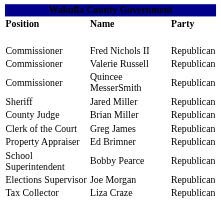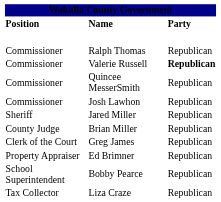 <table class="toccolours"  style="fixed:right; margin-left:1em; width:350px;">
 <tr>
 <th colspan="3" style="text-align: center; background:darkblue"><span><strong>Wakulla County Government</strong></span></th>
 </tr>
 <tr>
 <td><strong>Position</strong></td>
 <td><strong>Name</strong></td>
 <td><strong>Party</strong></td>
 </tr>
 <tr>
 <td colspan="3"><br></td>
 </tr>
 <tr>
 <td>Commissioner</td>
-<td>Fred Nichols II</td>
+<td>Ralph Thomas</td>
 <td><span>Republican</span></td>
 </tr>
 <tr>
 <td>Commissioner</td>
 <td>Valerie Russell</td>
+<td><strong><span>Republican</span></strong></td>
+</tr>
+<tr>
+<td>Commissioner</td>
+<td>Quincee MesserSmith</td>
 <td><span>Republican</span></td>
 </tr>
 <tr>
 <td>Commissioner</td>
-<td>Quincee MesserSmith</td>
+<td>Josh Lawhon</td>
 <td><span>Republican</span></td>
 </tr>
 <tr>
 <td>Sheriff</td>
 <td>Jared Miller</td>
 <td><span>Republican</span></td>
 </tr>
 <tr>
 <td>County Judge</td>
 <td>Brian Miller</td>
 <td><span>Republican</span></td>
 </tr>
 <tr>
 <td>Clerk of the Court</td>
 <td>Greg James</td>
 <td><span>Republican</span></td>
 </tr>
 <tr>
 <td>Property Appraiser</td>
 <td>Ed Brimner</td>
 <td><span>Republican</span></td>
 </tr>
 <tr>
 <td>School Superintendent</td>
 <td>Bobby Pearce</td>
 <td><span>Republican </span></td>
 </tr>
 <tr>
-<td>Elections Supervisor</td>
-<td>Joe Morgan</td>
-<td><span>Republican</span></td>
-</tr>
-<tr>
 <td>Tax Collector</td>
 <td>Liza Craze</td>
 <td><span>Republican</span></td>
 </tr>
 </table>
